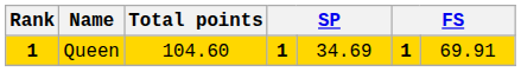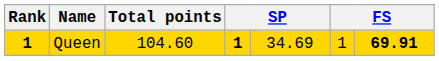 <table class="wikitable sortable">
 <tr>
 <th>Rank</th>
 <th>Name</th>
 <th>Total points</th>
 <th colspan="2" width="80px"><a href='#'>SP</a></th>
 <th colspan="2" width="80px"><a href='#'>FS</a></th>
 </tr>
 <tr bgcolor="gold">
 <td align="center"><strong>1</strong></td>
 <td>Queen</td>
 <td align="center">104.60</td>
 <td align="center"><strong>1</strong></td>
 <td align="center">34.69</td>
-<td align="center"><strong>1</strong></td>
-<td align="center">69.91</td>
+<td align="center">1</td>
+<td align="center"><strong>69.91</strong></td>
 </tr>
 <tr>
 </tr>
 </table>
